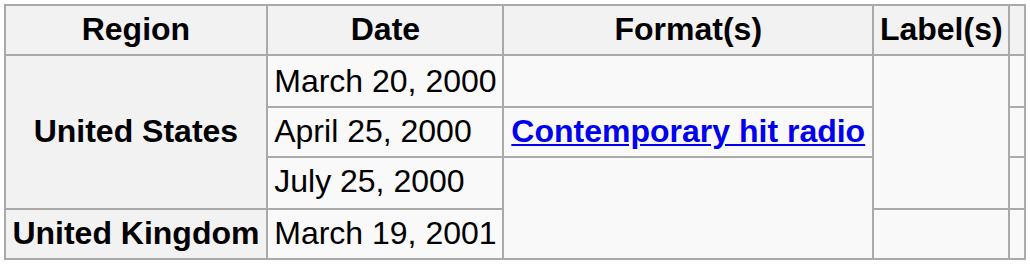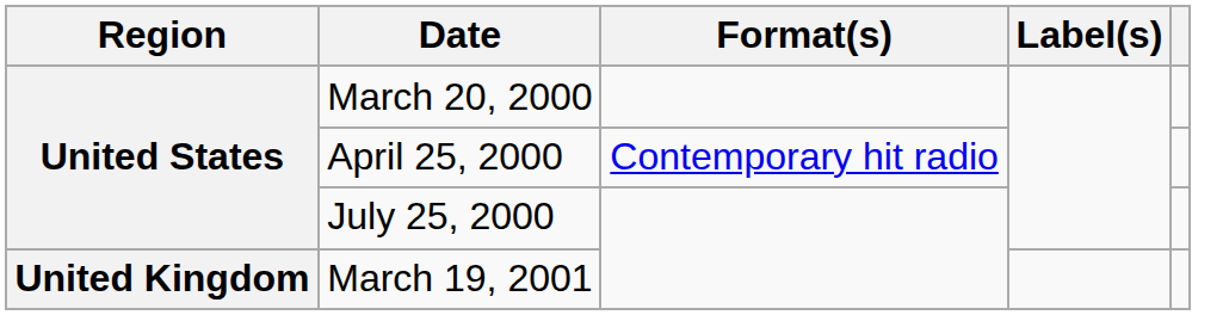 <table class="wikitable plainrowheaders">
 <tr>
 <th scope="col">Region</th>
 <th scope="col">Date</th>
 <th scope="col">Format(s)</th>
 <th scope="col">Label(s)</th>
 <th scope="col"></th>
 </tr>
 <tr>
 <th scope="row" rowspan="3">United States</th>
 <td>March 20, 2000</td>
 <td></td>
 <td rowspan="3"></td>
 <td align="center"></td>
 </tr>
 <tr>
 <td>April 25, 2000</td>
-<td><strong><a href='#'>Contemporary hit radio</a></strong></td>
+<td><a href='#'>Contemporary hit radio</a></td>
 <td align="center"></td>
 </tr>
 <tr>
 <td>July 25, 2000</td>
 <td rowspan="2"></td>
 <td align="center"></td>
 </tr>
 <tr>
 <th scope="row">United Kingdom</th>
 <td>March 19, 2001</td>
 <td></td>
 <td align="center"></td>
 </tr>
 </table>
